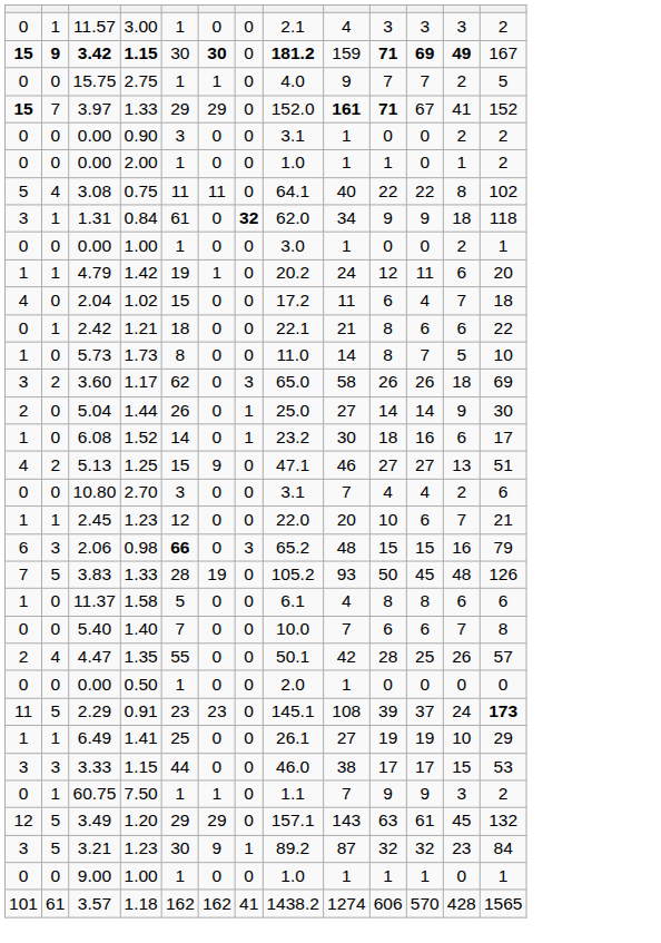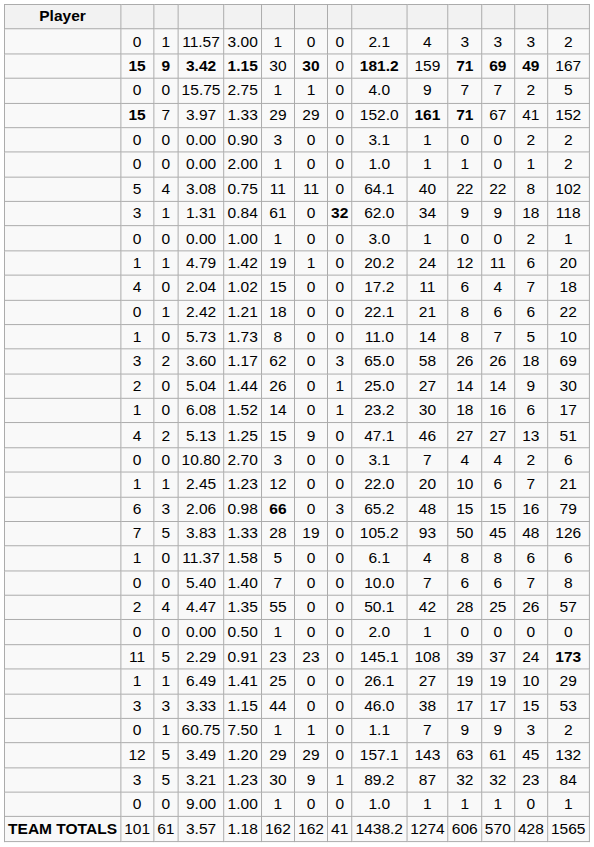 <table class="wikitable sortable" style="text-align:center;">
 <tr>
+<th>Player</th>
 <th></th>
 <th></th>
 <th></th>
 <th></th>
 <th></th>
 <th></th>
 <th></th>
 <th></th>
 <th></th>
 <th></th>
 <th></th>
 <th></th>
 <th></th>
 </tr>
 <tr>
+<td align=left></td>
 <td>0</td>
 <td>1</td>
 <td>11.57</td>
 <td>3.00</td>
 <td>1</td>
 <td>0</td>
 <td>0</td>
 <td>2.1</td>
 <td>4</td>
 <td>3</td>
 <td>3</td>
 <td>3</td>
 <td>2</td>
 </tr>
 <tr>
+<td align=left></td>
 <td><strong>15</strong></td>
 <td><strong>9</strong></td>
 <td><strong>3.42</strong></td>
 <td><strong>1.15</strong></td>
 <td>30</td>
 <td><strong>30</strong></td>
 <td>0</td>
 <td><strong>181.2</strong></td>
 <td>159</td>
 <td><strong>71</strong></td>
 <td><strong>69</strong></td>
 <td><strong>49</strong></td>
 <td>167</td>
 </tr>
 <tr>
+<td align=left></td>
 <td>0</td>
 <td>0</td>
 <td>15.75</td>
 <td>2.75</td>
 <td>1</td>
 <td>1</td>
 <td>0</td>
 <td>4.0</td>
 <td>9</td>
 <td>7</td>
 <td>7</td>
 <td>2</td>
 <td>5</td>
 </tr>
 <tr>
+<td align=left></td>
 <td><strong>15</strong></td>
 <td>7</td>
 <td>3.97</td>
 <td>1.33</td>
 <td>29</td>
 <td>29</td>
 <td>0</td>
 <td>152.0</td>
 <td><strong>161</strong></td>
 <td><strong>71</strong></td>
 <td>67</td>
 <td>41</td>
 <td>152</td>
 </tr>
 <tr>
+<td align=left></td>
 <td>0</td>
 <td>0</td>
 <td>0.00</td>
 <td>0.90</td>
 <td>3</td>
 <td>0</td>
 <td>0</td>
 <td>3.1</td>
 <td>1</td>
 <td>0</td>
 <td>0</td>
 <td>2</td>
 <td>2</td>
 </tr>
 <tr>
+<td align=left></td>
 <td>0</td>
 <td>0</td>
 <td>0.00</td>
 <td>2.00</td>
 <td>1</td>
 <td>0</td>
 <td>0</td>
 <td>1.0</td>
 <td>1</td>
 <td>1</td>
 <td>0</td>
 <td>1</td>
 <td>2</td>
 </tr>
 <tr>
+<td align=left></td>
 <td>5</td>
 <td>4</td>
 <td>3.08</td>
 <td>0.75</td>
 <td>11</td>
 <td>11</td>
 <td>0</td>
 <td>64.1</td>
 <td>40</td>
 <td>22</td>
 <td>22</td>
 <td>8</td>
 <td>102</td>
 </tr>
 <tr>
+<td align=left></td>
 <td>3</td>
 <td>1</td>
 <td>1.31</td>
 <td>0.84</td>
 <td>61</td>
 <td>0</td>
 <td><strong>32</strong></td>
 <td>62.0</td>
 <td>34</td>
 <td>9</td>
 <td>9</td>
 <td>18</td>
 <td>118</td>
 </tr>
 <tr>
+<td align=left></td>
 <td>0</td>
 <td>0</td>
 <td>0.00</td>
 <td>1.00</td>
 <td>1</td>
 <td>0</td>
 <td>0</td>
 <td>3.0</td>
 <td>1</td>
 <td>0</td>
 <td>0</td>
 <td>2</td>
 <td>1</td>
 </tr>
 <tr>
+<td align=left></td>
 <td>1</td>
 <td>1</td>
 <td>4.79</td>
 <td>1.42</td>
 <td>19</td>
 <td>1</td>
 <td>0</td>
 <td>20.2</td>
 <td>24</td>
 <td>12</td>
 <td>11</td>
 <td>6</td>
 <td>20</td>
 </tr>
 <tr>
+<td align=left></td>
 <td>4</td>
 <td>0</td>
 <td>2.04</td>
 <td>1.02</td>
 <td>15</td>
 <td>0</td>
 <td>0</td>
 <td>17.2</td>
 <td>11</td>
 <td>6</td>
 <td>4</td>
 <td>7</td>
 <td>18</td>
 </tr>
 <tr>
+<td align=left></td>
 <td>0</td>
 <td>1</td>
 <td>2.42</td>
 <td>1.21</td>
 <td>18</td>
 <td>0</td>
 <td>0</td>
 <td>22.1</td>
 <td>21</td>
 <td>8</td>
 <td>6</td>
 <td>6</td>
 <td>22</td>
 </tr>
 <tr>
+<td align=left></td>
 <td>1</td>
 <td>0</td>
 <td>5.73</td>
 <td>1.73</td>
 <td>8</td>
 <td>0</td>
 <td>0</td>
 <td>11.0</td>
 <td>14</td>
 <td>8</td>
 <td>7</td>
 <td>5</td>
 <td>10</td>
 </tr>
 <tr>
+<td align=left></td>
 <td>3</td>
 <td>2</td>
 <td>3.60</td>
 <td>1.17</td>
 <td>62</td>
 <td>0</td>
 <td>3</td>
 <td>65.0</td>
 <td>58</td>
 <td>26</td>
 <td>26</td>
 <td>18</td>
 <td>69</td>
 </tr>
 <tr>
+<td align=left></td>
 <td>2</td>
 <td>0</td>
 <td>5.04</td>
 <td>1.44</td>
 <td>26</td>
 <td>0</td>
 <td>1</td>
 <td>25.0</td>
 <td>27</td>
 <td>14</td>
 <td>14</td>
 <td>9</td>
 <td>30</td>
 </tr>
 <tr>
+<td align=left></td>
 <td>1</td>
 <td>0</td>
 <td>6.08</td>
 <td>1.52</td>
 <td>14</td>
 <td>0</td>
 <td>1</td>
 <td>23.2</td>
 <td>30</td>
 <td>18</td>
 <td>16</td>
 <td>6</td>
 <td>17</td>
 </tr>
 <tr>
+<td align=left></td>
 <td>4</td>
 <td>2</td>
 <td>5.13</td>
 <td>1.25</td>
 <td>15</td>
 <td>9</td>
 <td>0</td>
 <td>47.1</td>
 <td>46</td>
 <td>27</td>
 <td>27</td>
 <td>13</td>
 <td>51</td>
 </tr>
 <tr>
+<td align=left></td>
 <td>0</td>
 <td>0</td>
 <td>10.80</td>
 <td>2.70</td>
 <td>3</td>
 <td>0</td>
 <td>0</td>
 <td>3.1</td>
 <td>7</td>
 <td>4</td>
 <td>4</td>
 <td>2</td>
 <td>6</td>
 </tr>
 <tr>
+<td align=left></td>
 <td>1</td>
 <td>1</td>
 <td>2.45</td>
 <td>1.23</td>
 <td>12</td>
 <td>0</td>
 <td>0</td>
 <td>22.0</td>
 <td>20</td>
 <td>10</td>
 <td>6</td>
 <td>7</td>
 <td>21</td>
 </tr>
 <tr>
+<td align=left></td>
 <td>6</td>
 <td>3</td>
 <td>2.06</td>
 <td>0.98</td>
 <td><strong>66</strong></td>
 <td>0</td>
 <td>3</td>
 <td>65.2</td>
 <td>48</td>
 <td>15</td>
 <td>15</td>
 <td>16</td>
 <td>79</td>
 </tr>
 <tr>
+<td align=left></td>
 <td>7</td>
 <td>5</td>
 <td>3.83</td>
 <td>1.33</td>
 <td>28</td>
 <td>19</td>
 <td>0</td>
 <td>105.2</td>
 <td>93</td>
 <td>50</td>
 <td>45</td>
 <td>48</td>
 <td>126</td>
 </tr>
 <tr>
+<td align=left></td>
 <td>1</td>
 <td>0</td>
 <td>11.37</td>
 <td>1.58</td>
 <td>5</td>
 <td>0</td>
 <td>0</td>
 <td>6.1</td>
 <td>4</td>
 <td>8</td>
 <td>8</td>
 <td>6</td>
 <td>6</td>
 </tr>
 <tr>
+<td align=left></td>
 <td>0</td>
 <td>0</td>
 <td>5.40</td>
 <td>1.40</td>
 <td>7</td>
 <td>0</td>
 <td>0</td>
 <td>10.0</td>
 <td>7</td>
 <td>6</td>
 <td>6</td>
 <td>7</td>
 <td>8</td>
 </tr>
 <tr>
+<td align=left></td>
 <td>2</td>
 <td>4</td>
 <td>4.47</td>
 <td>1.35</td>
 <td>55</td>
 <td>0</td>
 <td>0</td>
 <td>50.1</td>
 <td>42</td>
 <td>28</td>
 <td>25</td>
 <td>26</td>
 <td>57</td>
 </tr>
 <tr>
+<td align=left></td>
 <td>0</td>
 <td>0</td>
 <td>0.00</td>
 <td>0.50</td>
 <td>1</td>
 <td>0</td>
 <td>0</td>
 <td>2.0</td>
 <td>1</td>
 <td>0</td>
 <td>0</td>
 <td>0</td>
 <td>0</td>
 </tr>
 <tr>
+<td align=left></td>
 <td>11</td>
 <td>5</td>
 <td>2.29</td>
 <td>0.91</td>
 <td>23</td>
 <td>23</td>
 <td>0</td>
 <td>145.1</td>
 <td>108</td>
 <td>39</td>
 <td>37</td>
 <td>24</td>
 <td><strong>173</strong></td>
 </tr>
 <tr>
+<td align=left></td>
 <td>1</td>
 <td>1</td>
 <td>6.49</td>
 <td>1.41</td>
 <td>25</td>
 <td>0</td>
 <td>0</td>
 <td>26.1</td>
 <td>27</td>
 <td>19</td>
 <td>19</td>
 <td>10</td>
 <td>29</td>
 </tr>
 <tr>
+<td align=left></td>
 <td>3</td>
 <td>3</td>
 <td>3.33</td>
 <td>1.15</td>
 <td>44</td>
 <td>0</td>
 <td>0</td>
 <td>46.0</td>
 <td>38</td>
 <td>17</td>
 <td>17</td>
 <td>15</td>
 <td>53</td>
 </tr>
 <tr>
+<td align=left></td>
 <td>0</td>
 <td>1</td>
 <td>60.75</td>
 <td>7.50</td>
 <td>1</td>
 <td>1</td>
 <td>0</td>
 <td>1.1</td>
 <td>7</td>
 <td>9</td>
 <td>9</td>
 <td>3</td>
 <td>2</td>
 </tr>
 <tr>
+<td align=left></td>
 <td>12</td>
 <td>5</td>
 <td>3.49</td>
 <td>1.20</td>
 <td>29</td>
 <td>29</td>
 <td>0</td>
 <td>157.1</td>
 <td>143</td>
 <td>63</td>
 <td>61</td>
 <td>45</td>
 <td>132</td>
 </tr>
 <tr>
+<td align=left></td>
 <td>3</td>
 <td>5</td>
 <td>3.21</td>
 <td>1.23</td>
 <td>30</td>
 <td>9</td>
 <td>1</td>
 <td>89.2</td>
 <td>87</td>
 <td>32</td>
 <td>32</td>
 <td>23</td>
 <td>84</td>
 </tr>
 <tr>
+<td align=left></td>
 <td>0</td>
 <td>0</td>
 <td>9.00</td>
 <td>1.00</td>
 <td>1</td>
 <td>0</td>
 <td>0</td>
 <td>1.0</td>
 <td>1</td>
 <td>1</td>
 <td>1</td>
 <td>0</td>
 <td>1</td>
 </tr>
 <tr class="sortbottom">
+<td align="left"><strong>TEAM TOTALS</strong></td>
 <td>101</td>
 <td>61</td>
 <td>3.57</td>
 <td>1.18</td>
 <td>162</td>
 <td>162</td>
 <td>41</td>
 <td>1438.2</td>
 <td>1274</td>
 <td>606</td>
 <td>570</td>
 <td>428</td>
 <td>1565</td>
 </tr>
 </table>
